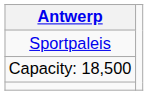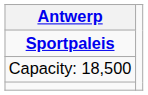 <table class="wikitable" style="text-align:center;margin: 1em auto;">
 <tr>
 <th><a href='#'>Antwerp</a></th>
 <td rowspan=4></td>
 </tr>
 <tr>
-<td><a href='#'>Sportpaleis</a></td>
+<td><strong><a href='#'>Sportpaleis</a></strong></td>
 </tr>
 <tr>
 <td>Capacity: 18,500</td>
 </tr>
 <tr>
 <td></td>
 </tr>
 </table>
